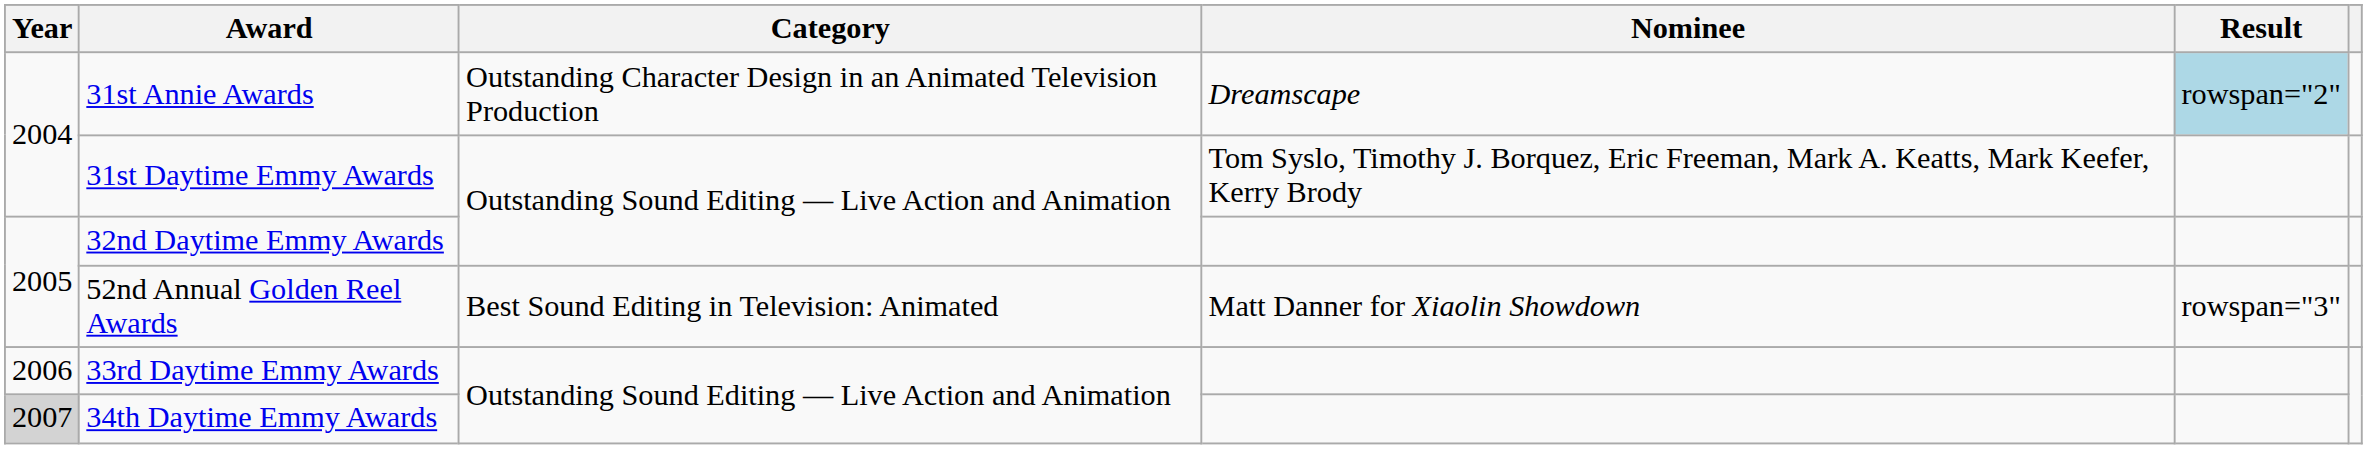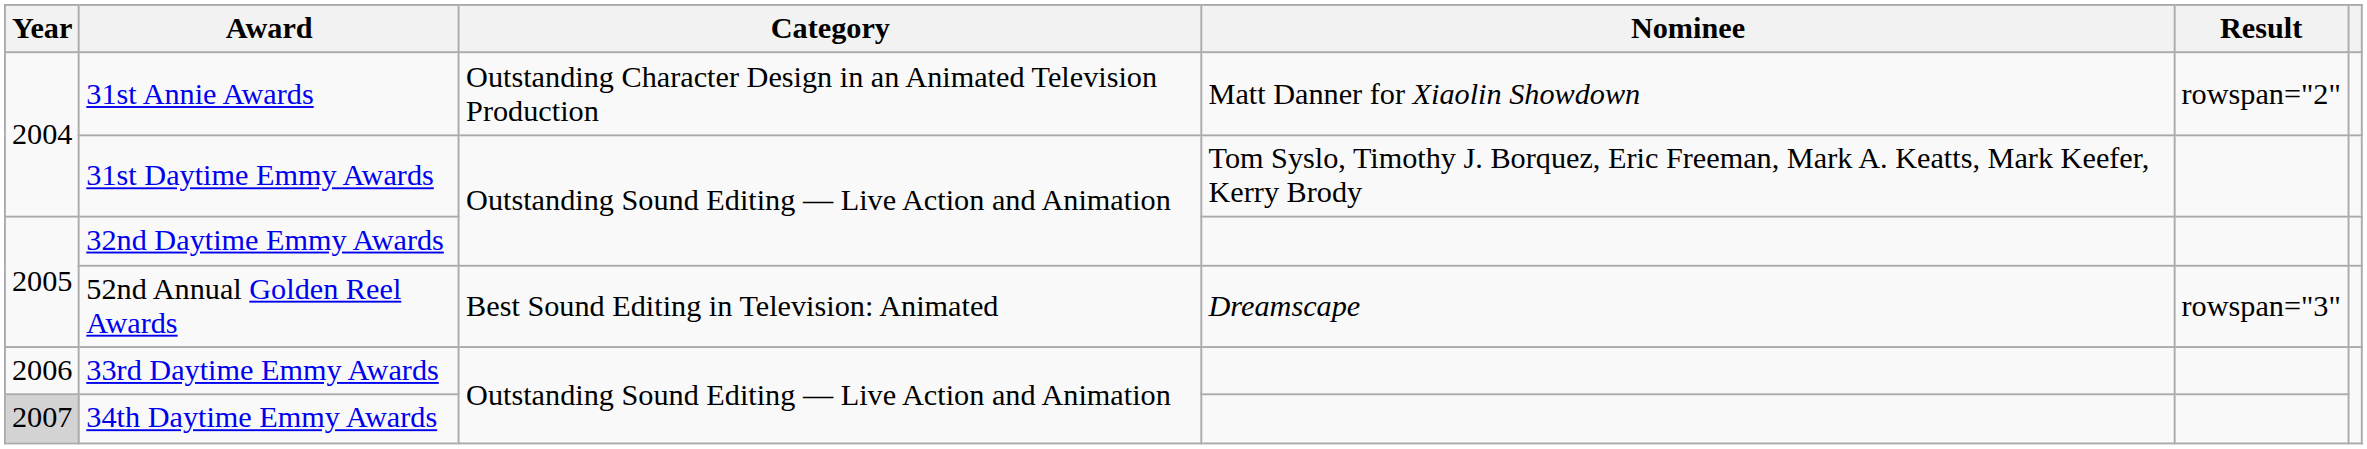 <table class="wikitable sortable">
 <tr>
 <th>Year</th>
 <th>Award</th>
 <th>Category</th>
 <th>Nominee</th>
 <th>Result</th>
 <th></th>
 </tr>
 <tr>
 <td rowspan="2">2004</td>
 <td><a href='#'>31st Annie Awards</a></td>
 <td>Outstanding Character Design in an Animated Television Production</td>
-<td><em>Dreamscape</em></td>
-<td style="background: lightblue;">rowspan="2" </td>
+<td>Matt Danner for <em>Xiaolin Showdown</em></td>
+<td>rowspan="2" </td>
 <td align=center></td>
 </tr>
 <tr>
 <td><a href='#'>31st Daytime Emmy Awards</a></td>
 <td rowspan="2">Outstanding Sound Editing — Live Action and Animation</td>
 <td>Tom Syslo, Timothy J. Borquez, Eric Freeman, Mark A. Keatts, Mark Keefer, Kerry Brody</td>
 <td align=center></td>
 </tr>
 <tr>
 <td rowspan="2">2005</td>
 <td><a href='#'>32nd Daytime Emmy Awards</a></td>
 <td></td>
 <td></td>
 <td align=center></td>
 </tr>
 <tr>
 <td>52nd Annual <a href='#'>Golden Reel Awards</a></td>
 <td>Best Sound Editing in Television: Animated</td>
-<td>Matt Danner for <em>Xiaolin Showdown</em></td>
+<td><em>Dreamscape</em></td>
 <td>rowspan="3" </td>
 <td align=center></td>
 </tr>
 <tr>
 <td>2006</td>
 <td><a href='#'>33rd Daytime Emmy Awards</a></td>
 <td rowspan="2">Outstanding Sound Editing — Live Action and Animation</td>
 <td></td>
 <td align=center></td>
 </tr>
 <tr>
 <td style="background: lightgrey;">2007</td>
 <td><a href='#'>34th Daytime Emmy Awards</a></td>
 <td></td>
 <td align=center></td>
 </tr>
 </table>
